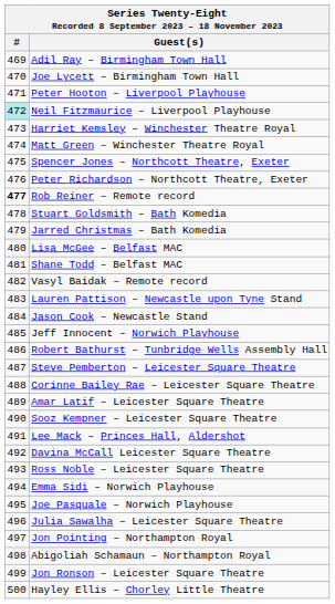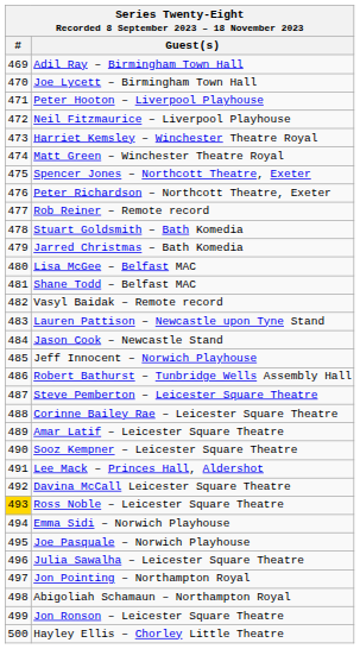 <table class="wikitable">
 <tr>
 <th colspan="3">Series Twenty-Eight<br><small>Recorded 8 September 2023 – 18 November 2023 </small></th>
 </tr>
 <tr>
 <th>#</th>
 <th>Guest(s)</th>
 </tr>
 <tr>
 <td>469</td>
 <td><a href='#'>Adil Ray</a> – <a href='#'>Birmingham Town Hall</a></td>
 </tr>
 <tr>
 <td>470</td>
 <td><a href='#'>Joe Lycett</a> – Birmingham Town Hall</td>
 </tr>
 <tr>
 <td>471</td>
 <td><a href='#'>Peter Hooton</a> – <a href='#'>Liverpool Playhouse</a></td>
 </tr>
 <tr>
-<td style="background: paleturquoise;">472</td>
+<td>472</td>
 <td><a href='#'>Neil Fitzmaurice</a> – Liverpool Playhouse</td>
 </tr>
 <tr>
 <td>473</td>
 <td><a href='#'>Harriet Kemsley</a> – <a href='#'>Winchester</a> Theatre Royal</td>
 </tr>
 <tr>
 <td>474</td>
 <td><a href='#'>Matt Green</a> – Winchester Theatre Royal</td>
 </tr>
 <tr>
 <td>475</td>
 <td><a href='#'>Spencer Jones</a> – <a href='#'>Northcott Theatre</a>, <a href='#'>Exeter</a></td>
 </tr>
 <tr>
 <td>476</td>
 <td><a href='#'>Peter Richardson</a> – Northcott Theatre, Exeter</td>
 </tr>
 <tr>
-<td><strong>477</strong></td>
+<td>477</td>
 <td><a href='#'>Rob Reiner</a> – Remote record</td>
 </tr>
 <tr>
 <td>478</td>
 <td><a href='#'>Stuart Goldsmith</a> – <a href='#'>Bath</a> Komedia</td>
 </tr>
 <tr>
 <td>479</td>
 <td><a href='#'>Jarred Christmas</a> – Bath Komedia</td>
 </tr>
 <tr>
 <td>480</td>
 <td><a href='#'>Lisa McGee</a> – <a href='#'>Belfast</a> MAC</td>
 </tr>
 <tr>
 <td>481</td>
 <td><a href='#'>Shane Todd</a> – Belfast MAC</td>
 </tr>
 <tr>
 <td>482</td>
 <td>Vasyl Baidak – Remote record</td>
 </tr>
 <tr>
 <td>483</td>
 <td><a href='#'>Lauren Pattison</a> – <a href='#'>Newcastle upon Tyne</a> Stand</td>
 </tr>
 <tr>
 <td>484</td>
 <td><a href='#'>Jason Cook</a> – Newcastle Stand</td>
 </tr>
 <tr>
 <td>485</td>
 <td>Jeff Innocent – <a href='#'>Norwich Playhouse</a></td>
 </tr>
 <tr>
 <td>486</td>
 <td><a href='#'>Robert Bathurst</a> – <a href='#'>Tunbridge Wells</a> Assembly Hall</td>
 </tr>
 <tr>
 <td>487</td>
 <td><a href='#'>Steve Pemberton</a> – <a href='#'>Leicester Square Theatre</a></td>
 </tr>
 <tr>
 <td>488</td>
 <td><a href='#'>Corinne Bailey Rae</a> – Leicester Square Theatre</td>
 </tr>
 <tr>
 <td>489</td>
 <td><a href='#'>Amar Latif</a> – Leicester Square Theatre</td>
 </tr>
 <tr>
 <td>490</td>
 <td><a href='#'>Sooz Kempner</a> – Leicester Square Theatre</td>
 </tr>
 <tr>
 <td>491</td>
 <td><a href='#'>Lee Mack</a> – <a href='#'>Princes Hall</a>, <a href='#'>Aldershot</a></td>
 </tr>
 <tr>
 <td>492</td>
 <td><a href='#'>Davina McCall</a> Leicester Square Theatre</td>
 </tr>
 <tr>
-<td>493</td>
+<td style="background: gold;">493</td>
 <td><a href='#'>Ross Noble</a> – Leicester Square Theatre</td>
 </tr>
 <tr>
 <td>494</td>
 <td><a href='#'>Emma Sidi</a> – Norwich Playhouse</td>
 </tr>
 <tr>
 <td>495</td>
 <td><a href='#'>Joe Pasquale</a> – Norwich Playhouse</td>
 </tr>
 <tr>
 <td>496</td>
 <td><a href='#'>Julia Sawalha</a> – Leicester Square Theatre</td>
 </tr>
 <tr>
 <td>497</td>
 <td><a href='#'>Jon Pointing</a> – Northampton Royal</td>
 </tr>
 <tr>
 <td>498</td>
 <td>Abigoliah Schamaun – Northampton Royal</td>
 </tr>
 <tr>
 <td>499</td>
 <td><a href='#'>Jon Ronson</a> – Leicester Square Theatre</td>
 </tr>
 <tr>
 <td>500</td>
 <td>Hayley Ellis – <a href='#'>Chorley</a> Little Theatre</td>
 </tr>
 </table>
